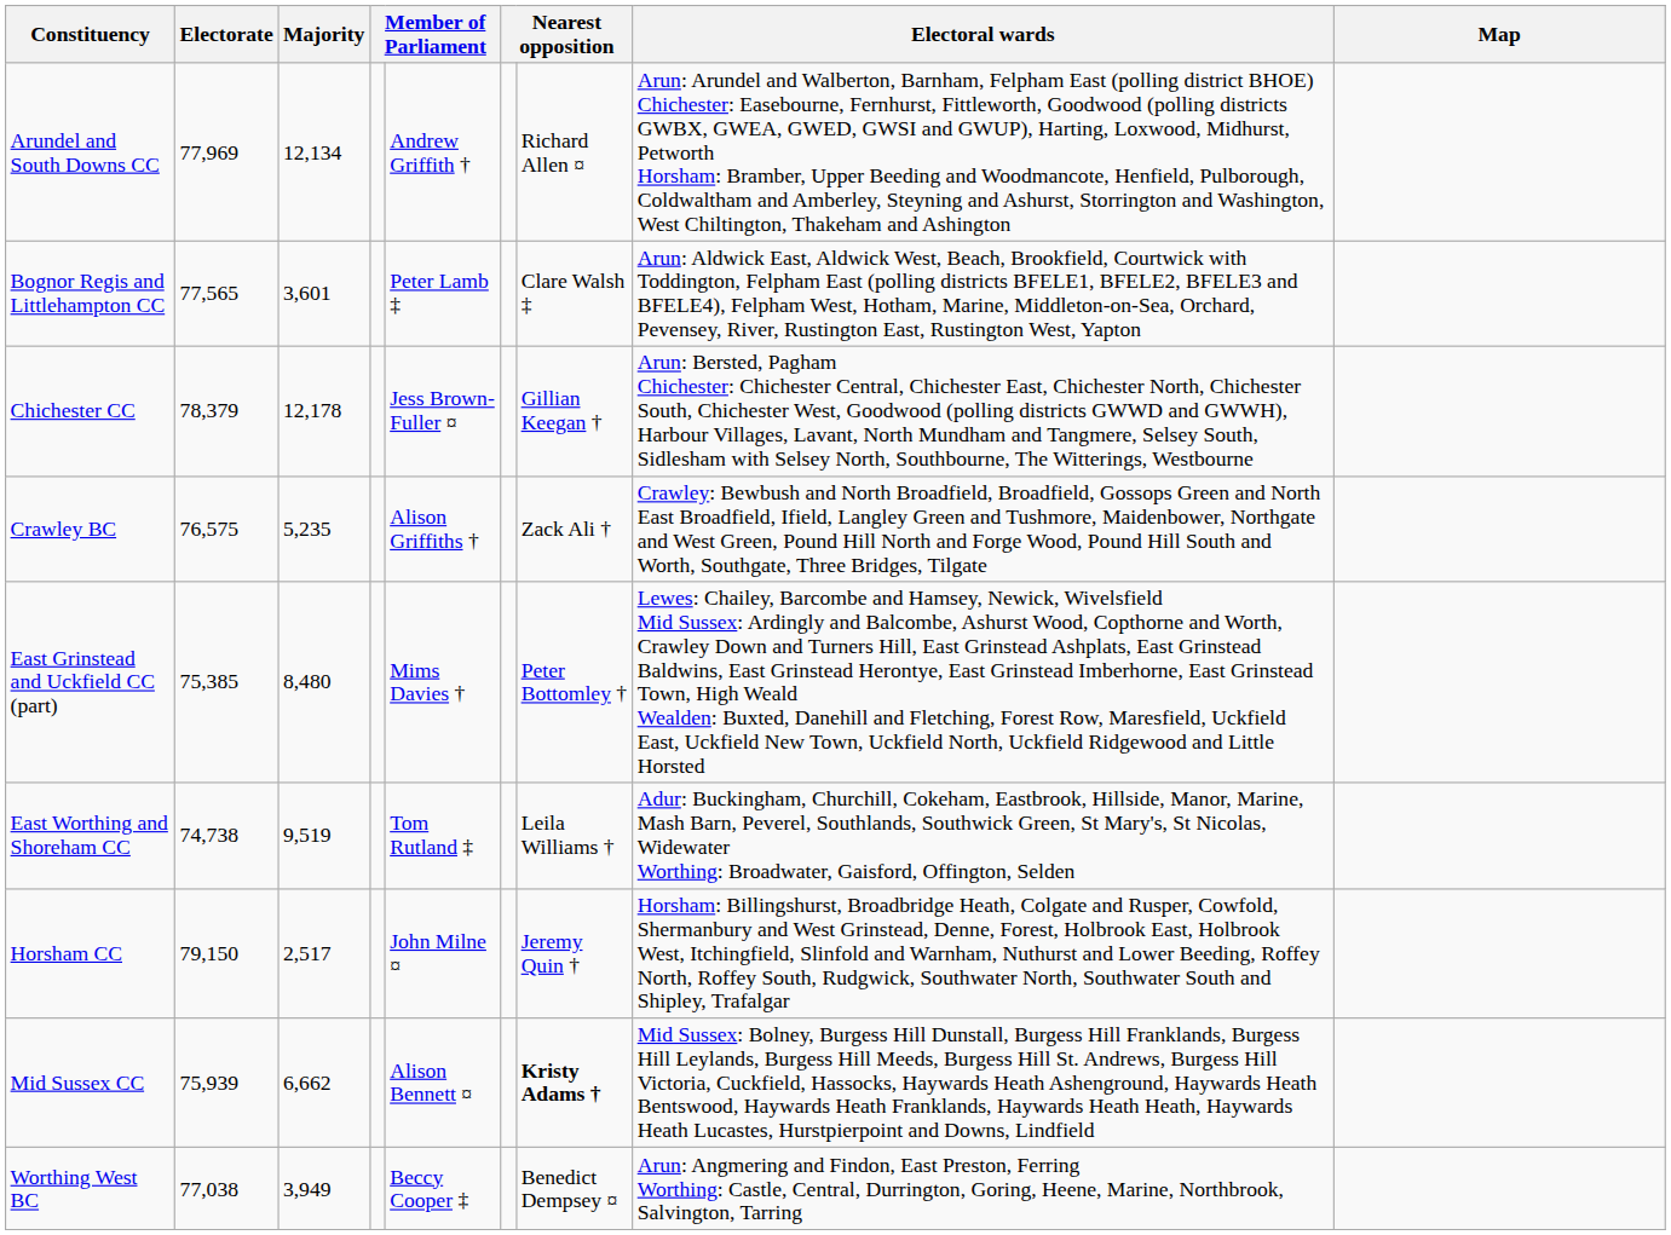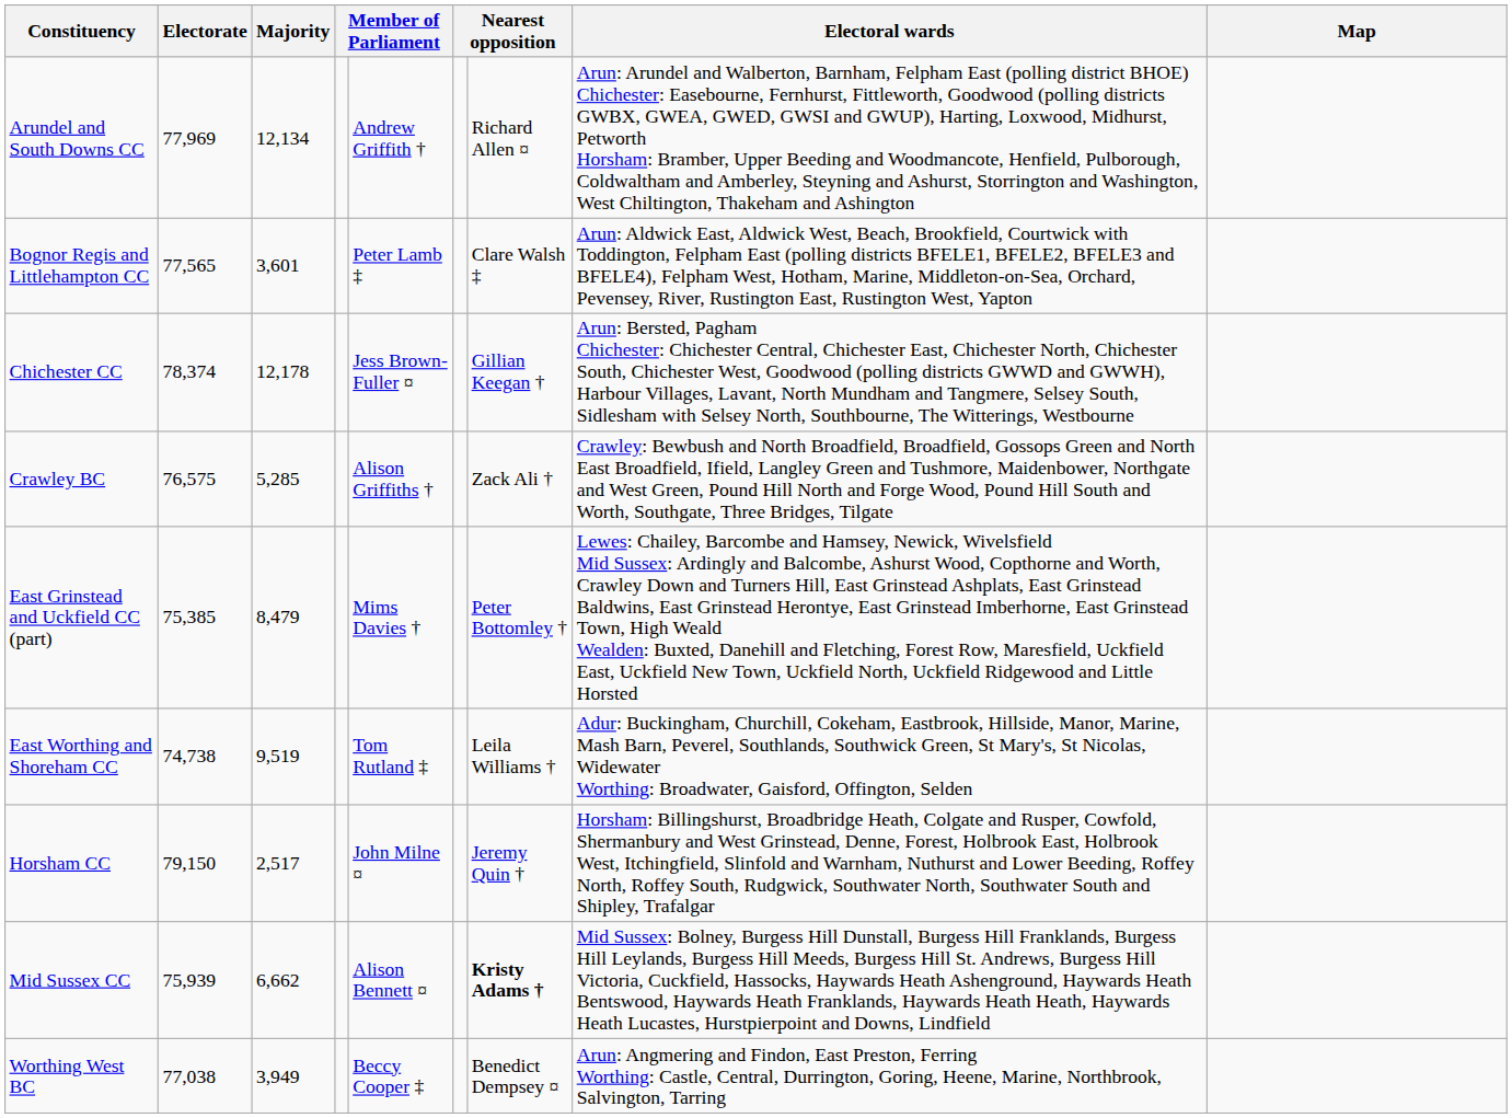 <table class="wikitable sortable">
 <tr>
 <th rowspan=1>Constituency</th>
 <th rowspan=1>Electorate</th>
 <th rowspan=1>Majority</th>
 <th colspan=2 class=unsortable><a href='#'>Member of Parliament</a></th>
 <th colspan=2 class=unsortable>Nearest opposition</th>
 <th rowspan=1 class=unsortable>Electoral wards</th>
 <th class="unsortable" rowspan="1" style="width:20%;">Map</th>
 </tr>
 <tr>
 <td><a href='#'>Arundel and South Downs CC</a></td>
 <td>77,969</td>
 <td>12,134</td>
 <td style="color:inherit;background:"> </td>
 <td><a href='#'>Andrew Griffith</a> †</td>
 <td style="color:inherit;background:"> </td>
 <td>Richard Allen ¤</td>
 <td><a href='#'>Arun</a>: Arundel and Walberton, Barnham, Felpham East (polling district BHOE)<br><a href='#'>Chichester</a>: Easebourne, Fernhurst, Fittleworth, Goodwood (polling districts GWBX, GWEA, GWED, GWSI and GWUP), Harting, Loxwood, Midhurst, Petworth<br><a href='#'>Horsham</a>: Bramber, Upper Beeding and Woodmancote, Henfield, Pulborough, Coldwaltham and Amberley, Steyning and Ashurst, Storrington and Washington, West Chiltington, Thakeham and Ashington</td>
 <td></td>
 </tr>
 <tr>
 <td><a href='#'>Bognor Regis and Littlehampton CC</a></td>
 <td>77,565</td>
 <td>3,601</td>
 <td style="color:inherit;background:"> </td>
 <td><a href='#'>Peter Lamb</a> ‡</td>
 <td style="color:inherit;background:"> </td>
 <td>Clare Walsh ‡</td>
 <td><a href='#'>Arun</a>: Aldwick East, Aldwick West, Beach, Brookfield, Courtwick with Toddington, Felpham East (polling districts BFELE1, BFELE2, BFELE3 and BFELE4), Felpham West, Hotham, Marine, Middleton-on-Sea, Orchard, Pevensey, River, Rustington East, Rustington West, Yapton</td>
 <td></td>
 </tr>
 <tr>
 <td><a href='#'>Chichester CC</a></td>
-<td>78,379</td>
+<td>78,374</td>
 <td>12,178</td>
 <td style="color:inherit;background:"> </td>
 <td><a href='#'>Jess Brown-Fuller</a> ¤</td>
 <td style="color:inherit;background:"> </td>
 <td><a href='#'>Gillian Keegan</a> †</td>
 <td><a href='#'>Arun</a>: Bersted, Pagham<br><a href='#'>Chichester</a>: Chichester Central, Chichester East, Chichester North, Chichester South, Chichester West, Goodwood (polling districts GWWD and GWWH), Harbour Villages, Lavant, North Mundham and Tangmere, Selsey South, Sidlesham with Selsey North, Southbourne, The Witterings, Westbourne</td>
 <td></td>
 </tr>
 <tr>
 <td><a href='#'>Crawley BC</a></td>
 <td>76,575</td>
-<td>5,235</td>
+<td>5,285</td>
 <td style="color:inherit;background:"> </td>
 <td><a href='#'>Alison Griffiths</a> †</td>
 <td style="color:inherit;background:"> </td>
 <td>Zack Ali †</td>
 <td><a href='#'>Crawley</a>: Bewbush and North Broadfield, Broadfield, Gossops Green and North East Broadfield, Ifield, Langley Green and Tushmore, Maidenbower, Northgate and West Green, Pound Hill North and Forge Wood, Pound Hill South and Worth, Southgate, Three Bridges, Tilgate</td>
 <td></td>
 </tr>
 <tr>
 <td><a href='#'>East Grinstead and Uckfield CC</a> (part)</td>
 <td>75,385</td>
-<td>8,480</td>
+<td>8,479</td>
 <td style="color:inherit;background:"> </td>
 <td><a href='#'>Mims Davies</a> †</td>
 <td style="color:inherit;background:"> </td>
 <td><a href='#'>Peter Bottomley</a> †</td>
 <td><a href='#'>Lewes</a>: Chailey, Barcombe and Hamsey, Newick, Wivelsfield<br><a href='#'>Mid Sussex</a>: Ardingly and Balcombe, Ashurst Wood, Copthorne and Worth, Crawley Down and Turners Hill, East Grinstead Ashplats, East Grinstead Baldwins, East Grinstead Herontye, East Grinstead Imberhorne, East Grinstead Town, High Weald<br><a href='#'>Wealden</a>: Buxted, Danehill and Fletching, Forest Row, Maresfield, Uckfield East, Uckfield New Town, Uckfield North, Uckfield Ridgewood and Little Horsted</td>
 <td></td>
 </tr>
 <tr>
 <td><a href='#'>East Worthing and Shoreham CC</a></td>
 <td>74,738</td>
 <td>9,519</td>
 <td style="color:inherit;background:"> </td>
 <td><a href='#'>Tom Rutland</a> ‡</td>
 <td style="color:inherit;background:"> </td>
 <td>Leila Williams †</td>
 <td><a href='#'>Adur</a>: Buckingham, Churchill, Cokeham, Eastbrook, Hillside, Manor, Marine, Mash Barn, Peverel, Southlands, Southwick Green, St Mary's, St Nicolas, Widewater<br><a href='#'>Worthing</a>: Broadwater, Gaisford, Offington, Selden</td>
 <td></td>
 </tr>
 <tr>
 <td><a href='#'>Horsham CC</a></td>
 <td>79,150</td>
 <td>2,517</td>
 <td style="color:inherit;background:"> </td>
 <td><a href='#'>John Milne</a> ¤</td>
 <td style="color:inherit;background:"> </td>
 <td><a href='#'>Jeremy Quin</a> †</td>
 <td><a href='#'>Horsham</a>: Billingshurst, Broadbridge Heath, Colgate and Rusper, Cowfold, Shermanbury and West Grinstead, Denne, Forest, Holbrook East, Holbrook West, Itchingfield, Slinfold and Warnham, Nuthurst and Lower Beeding, Roffey North, Roffey South, Rudgwick, Southwater North, Southwater South and Shipley, Trafalgar</td>
 <td></td>
 </tr>
 <tr>
 <td><a href='#'>Mid Sussex CC</a></td>
 <td>75,939</td>
 <td>6,662</td>
 <td style="color:inherit;background:"> </td>
 <td><a href='#'>Alison Bennett</a> ¤</td>
 <td style="color:inherit;background:"> </td>
 <td><strong>Kristy Adams †</strong></td>
 <td><a href='#'>Mid Sussex</a>: Bolney, Burgess Hill Dunstall, Burgess Hill Franklands, Burgess Hill Leylands, Burgess Hill Meeds, Burgess Hill St. Andrews, Burgess Hill Victoria, Cuckfield, Hassocks, Haywards Heath Ashenground, Haywards Heath Bentswood, Haywards Heath Franklands, Haywards Heath Heath, Haywards Heath Lucastes, Hurstpierpoint and Downs, Lindfield</td>
 <td></td>
 </tr>
 <tr>
 <td><a href='#'>Worthing West BC</a></td>
 <td>77,038</td>
 <td>3,949</td>
 <td style="color:inherit;background:"> </td>
 <td><a href='#'>Beccy Cooper</a> ‡</td>
 <td style="color:inherit;background:"> </td>
 <td>Benedict Dempsey ¤</td>
 <td><a href='#'>Arun</a>: Angmering and Findon, East Preston, Ferring<br><a href='#'>Worthing</a>: Castle, Central, Durrington, Goring, Heene, Marine, Northbrook, Salvington, Tarring</td>
 <td></td>
 </tr>
 <tr>
 </tr>
 </table>
